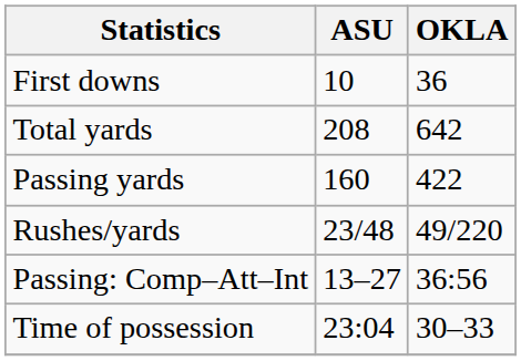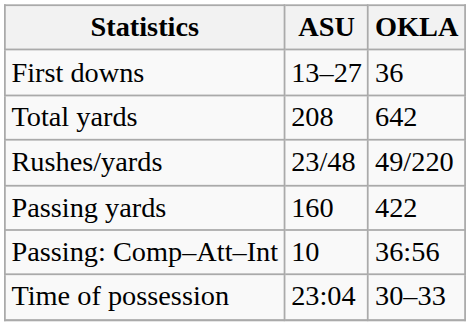 <table class="wikitable" style="float: left;">
 <tr>
 <th>Statistics</th>
 <th>ASU</th>
 <th>OKLA</th>
 </tr>
 <tr>
 <td>First downs</td>
-<td>10</td>
+<td>13–27</td>
 <td>36</td>
 </tr>
 <tr>
 <td>Total yards</td>
 <td>208</td>
 <td>642</td>
 </tr>
 <tr>
+<td>Rushes/yards</td>
+<td>23/48</td>
+<td>49/220</td>
+</tr>
+<tr>
 <td>Passing yards</td>
 <td>160</td>
 <td>422</td>
 </tr>
 <tr>
-<td>Rushes/yards</td>
-<td>23/48</td>
-<td>49/220</td>
-</tr>
-<tr>
 <td>Passing: Comp–Att–Int</td>
-<td>13–27</td>
+<td>10</td>
 <td>36:56</td>
 </tr>
 <tr>
 <td>Time of possession</td>
 <td>23:04</td>
 <td>30–33</td>
 </tr>
 <tr>
 </tr>
 </table>
